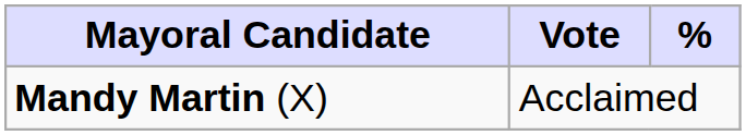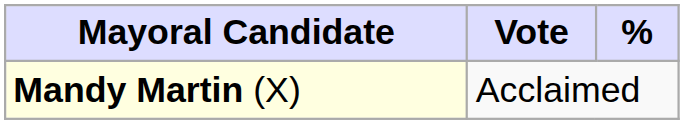 <table class="wikitable">
 <tr>
 <th style="background:#ddf; width:200px;">Mayoral Candidate</th>
 <th style="background:#ddf; width:50px;">Vote</th>
 <th style="background:#ddf; width:30px;">%</th>
 </tr>
 <tr>
-<td><strong>Mandy Martin</strong> (X)</td>
+<td style="background: lightyellow;"><strong>Mandy Martin</strong> (X)</td>
 <td colspan="2">Acclaimed</td>
 </tr>
 </table>
